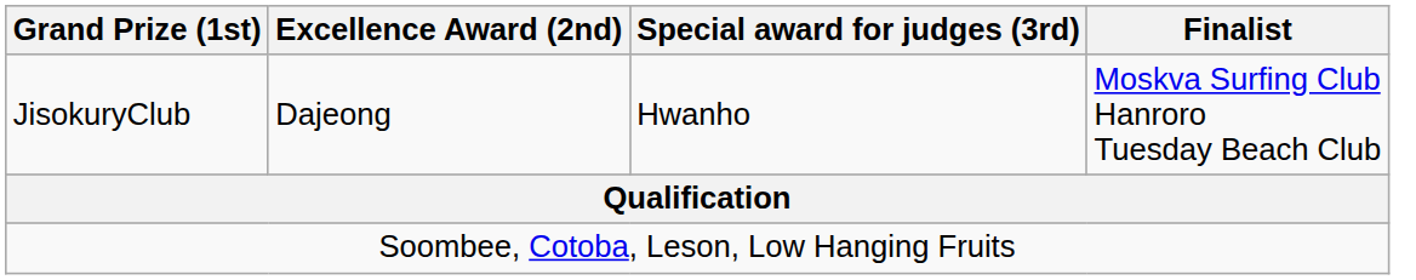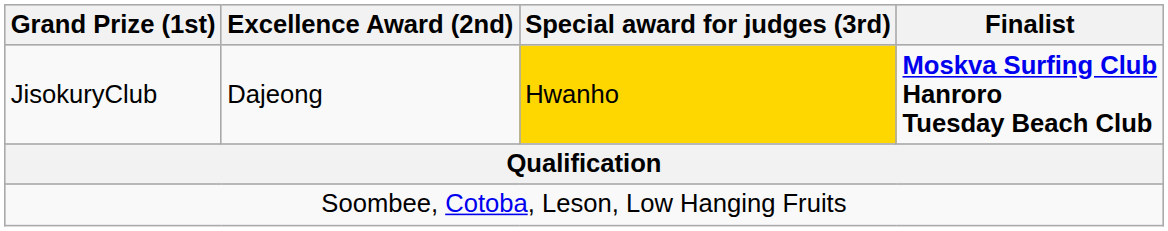 <table class="wikitable">
 <tr>
 <th scope="col">Grand Prize (1st)</th>
 <th scope="col">Excellence Award (2nd)</th>
 <th scope="col">Special award for judges (3rd)</th>
 <th scope="col">Finalist</th>
 </tr>
 <tr>
 <td scope="row">JisokuryClub</td>
 <td scope="row">Dajeong</td>
-<td scope="row">Hwanho</td>
-<td scope="row"><a href='#'>Moskva Surfing Club</a><br>Hanroro<br>Tuesday Beach Club</td>
+<td scope="row" style="background: gold;">Hwanho</td>
+<td scope="row"><strong><a href='#'>Moskva Surfing Club</a><br>Hanroro<br>Tuesday Beach Club</strong></td>
 </tr>
 <tr>
 <th colspan="4" align="center">Qualification</th>
 </tr>
 <tr>
 <td colspan="4" align="center">Soombee, <a href='#'>Cotoba</a>, Leson, Low Hanging Fruits</td>
 </tr>
 </table>
